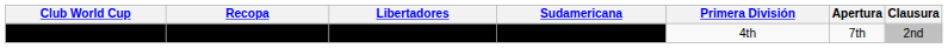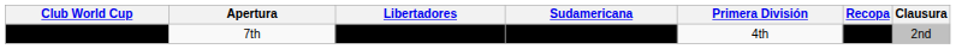 <table class="wikitable">
 <tr>
 <th style="width:20%;"><a href='#'>Club World Cup</a></th>
-<th style="width:20%;"><a href='#'>Recopa</a></th>
+<th style="width:20%;">Apertura</th>
 <th style="width:20%;"><a href='#'>Libertadores</a></th>
 <th style="width:20%;"><a href='#'>Sudamericana</a></th>
 <th style="width:20%;"><a href='#'>Primera División</a></th>
-<th style="width:20%;">Apertura</th>
+<th style="width:20%;"><a href='#'>Recopa</a></th>
 <th style="width:20%;">Clausura</th>
 </tr>
 <tr style="text-align:center;">
 <td style="background:#000;"></td>
-<td style="background:#000;"></td>
+<td>7th</td>
 <td style="background:#000;"></td>
 <td style="background:#000;"></td>
 <td>4th</td>
-<td>7th</td>
+<td style="background:#000;"></td>
 <td style="background:silver;">2nd</td>
 </tr>
 </table>
